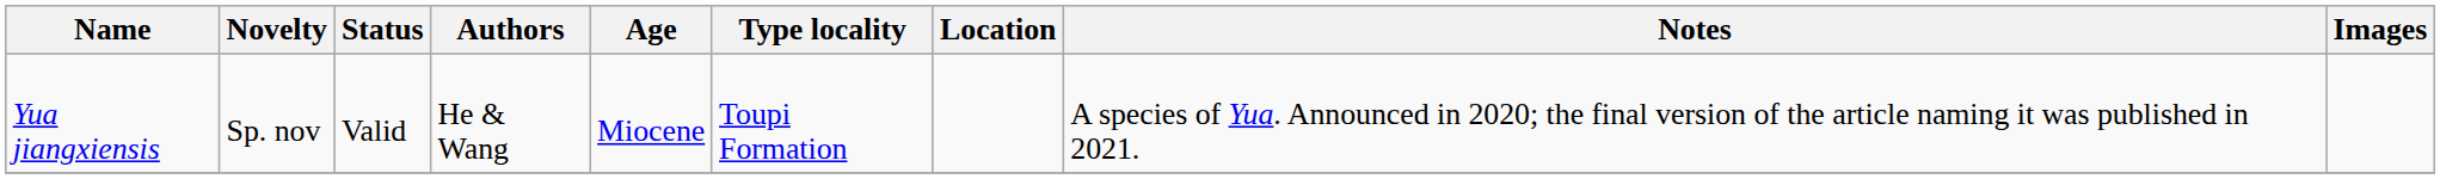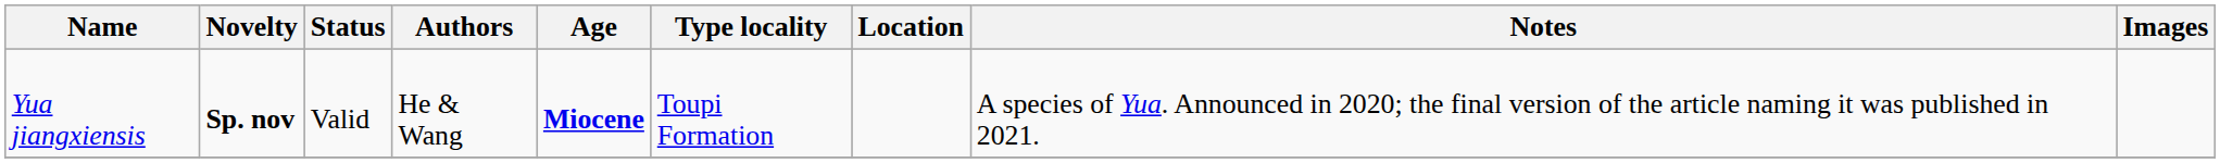 <table class="wikitable sortable" align="center" width="100%">
 <tr>
 <th>Name</th>
 <th>Novelty</th>
 <th>Status</th>
 <th>Authors</th>
 <th>Age</th>
 <th>Type locality</th>
 <th>Location</th>
 <th>Notes</th>
 <th>Images</th>
 </tr>
 <tr>
 <td><br><em><a href='#'>Yua jiangxiensis</a></em></td>
-<td><br>Sp. nov</td>
+<td><strong><br>Sp. nov</strong></td>
 <td><br>Valid</td>
 <td><br>He & Wang</td>
-<td><br><a href='#'>Miocene</a></td>
+<td><strong><br><a href='#'>Miocene</a></strong></td>
 <td><br><a href='#'>Toupi Formation</a></td>
 <td><br></td>
 <td><br>A species of <em><a href='#'>Yua</a></em>. Announced in 2020; the final version of the article naming it was published in 2021.</td>
 <td></td>
 </tr>
 <tr>
 </tr>
 </table>
